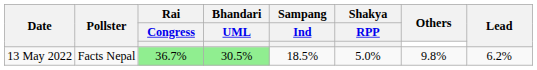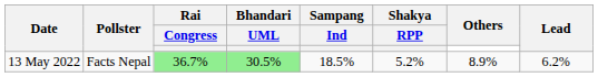 <table class="wikitable sortable" style="text-align:center;font-size:95%;line-height:16px">
 <tr>
 <th rowspan="3">Date</th>
 <th rowspan="3">Pollster</th>
 <th style="width:75px;">Rai</th>
 <th style="width:75px;">Bhandari</th>
 <th style="width:75px;">Sampang</th>
 <th style="width:75px;">Shakya</th>
 <th rowspan="2" style="width:75px;">Others</th>
 <th rowspan="3" style="width:75px;">Lead</th>
 </tr>
 <tr>
 <th><a href='#'>Congress</a></th>
 <th><a href='#'>UML</a></th>
 <th><a href='#'>Ind</a></th>
 <th><a href='#'>RPP</a></th>
 </tr>
 <tr>
 <th style="background:"></th>
 <th style="background:"></th>
 <th style="background:"></th>
 <th style="background:"></th>
 <th style="background:white"></th>
 </tr>
 <tr>
 <td>13 May 2022</td>
 <td>Facts Nepal</td>
 <td style="background:lightgreen;">36.7%</td>
 <td style="background: lightgreen;">30.5%</td>
 <td>18.5%</td>
-<td>5.0%</td>
-<td>9.8%</td>
+<td>5.2%</td>
+<td>8.9%</td>
 <td style="background:">6.2%</td>
 </tr>
 </table>
